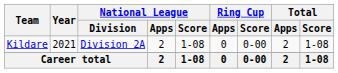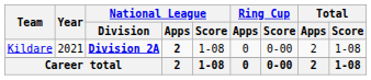 <table class="wikitable" style="text-align:center">
 <tr>
 <th rowspan="2">Team</th>
 <th rowspan="2">Year</th>
 <th colspan="3"><a href='#'>National League</a></th>
 <th colspan="2"><a href='#'>Ring Cup</a></th>
 <th colspan="2">Total</th>
 </tr>
 <tr>
 <th>Division</th>
 <th>Apps</th>
 <th>Score</th>
 <th>Apps</th>
 <th>Score</th>
 <th>Apps</th>
 <th>Score</th>
 </tr>
 <tr>
 <td rowspan="1"><a href='#'>Kildare</a></td>
 <td>2021</td>
-<td rowspan="1"><a href='#'>Division 2A</a></td>
-<td>2</td>
+<td rowspan="1"><strong><a href='#'>Division 2A</a></strong></td>
+<td><strong>2</strong></td>
 <td>1-08</td>
 <td>0</td>
 <td>0-00</td>
 <td>2</td>
 <td>1-08</td>
 </tr>
 <tr>
 </tr>
 <tr>
 <th colspan="3">Career total</th>
 <th>2</th>
 <th>1-08</th>
 <th>0</th>
 <th>0-00</th>
 <th>2</th>
 <th>1-08</th>
 </tr>
 </table>
